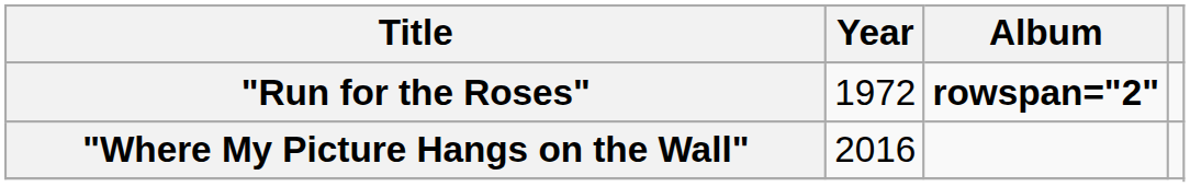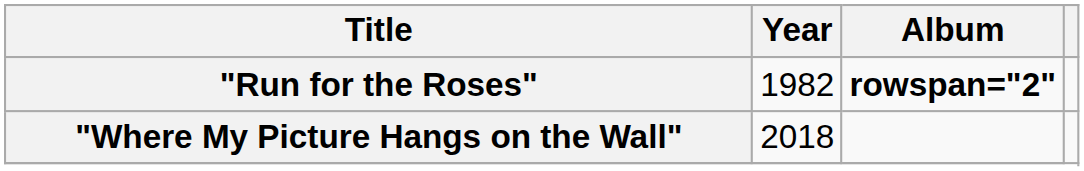 <table class="wikitable plainrowheaders" style="text-align:center;">
 <tr>
 <th style="width:22em;">Title</th>
 <th>Year</th>
 <th>Album</th>
 <th></th>
 </tr>
 <tr>
 <th scope="row">"Run for the Roses"<br></th>
-<td>1972</td>
+<td>1982</td>
 <td><strong>rowspan="2" </strong></td>
 <td align="center"></td>
 </tr>
 <tr>
 <th scope="row">"Where My Picture Hangs on the Wall"<br></th>
-<td>2016</td>
+<td>2018</td>
 <td align="center"></td>
 </tr>
 <tr>
 </tr>
 </table>
